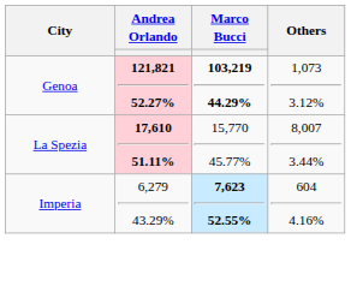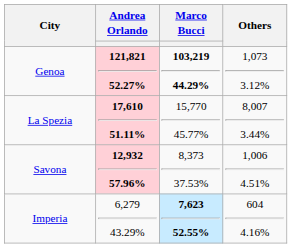 <table class="wikitable" style="text-align:center;font-size:90%;line-height:20px">
 <tr style="height:30px; background-color:#E9E9E9">
 <th style="width:110px;" rowspan="2">City</th>
 <th style="width:75px;"><a href='#'>Andrea Orlando</a></th>
 <th style="width:75px;"><a href='#'>Marco Bucci</a></th>
 <th rowspan="2" style="width:75px;">Others</th>
 </tr>
 <tr>
 <th style="background:"></th>
 <th style="background:"></th>
 </tr>
 <tr>
 <td><a href='#'>Genoa</a></td>
 <td style="background:#FFD0D7"><strong>121,821 <hr>52.27%</strong></td>
 <td><strong>103,219 <hr>44.29%</strong></td>
 <td>1,073 <hr>3.12%</td>
 </tr>
 <tr>
 <td><a href='#'>La Spezia</a></td>
 <td style="background:#FFD0D7"><strong>17,610 <hr>51.11%</strong></td>
 <td>15,770 <hr>45.77%</td>
 <td>8,007 <hr>3.44%</td>
 </tr>
 <tr>
+<td><a href='#'>Savona</a></td>
+<td style="background:#FFD0D7"><strong>12,932 <hr>57.96%</strong></td>
+<td>8,373 <hr>37.53%</td>
+<td>1,006 <hr>4.51%</td>
+</tr>
+<tr>
 <td><a href='#'>Imperia</a></td>
 <td>6,279 <hr>43.29%</td>
 <td style="background:#C8EBFF"><strong>7,623 <hr>52.55%</strong></td>
 <td>604 <hr>4.16%</td>
 </tr>
 </table>
